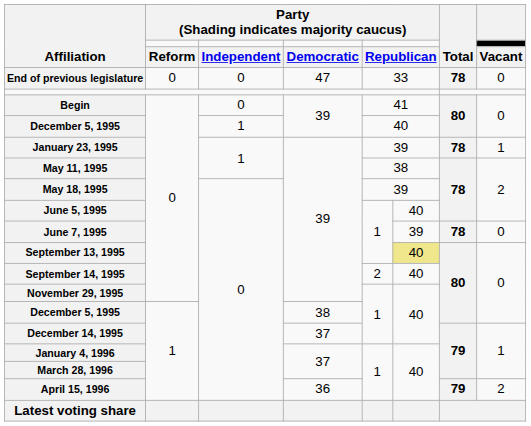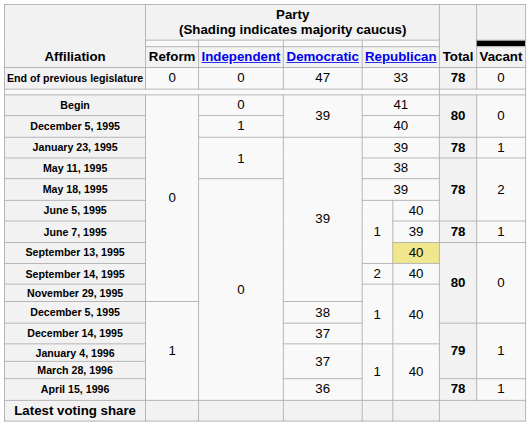 <table class="wikitable" style="text-align:center">
 <tr style="vertical-align:bottom;">
 <th scope="col" rowspan="3">Affiliation</th>
 <th scope="col" colspan="5">Party <div>(Shading indicates majority caucus)</div></th>
 <th scope="col" rowspan="3">Total</th>
 <th scope="col"></th>
 </tr>
 <tr style="height:5px">
 <td style="background-color:"></td>
 <td style="background-color:"></td>
 <td style="background-color:"></td>
 <td colspan="2" style="background-color:"></td>
 <td style="background:black"></td>
 </tr>
 <tr>
 <th>Reform</th>
 <th><a href='#'>Independent</a></th>
 <th><a href='#'>Democratic</a></th>
 <th colspan="2"><a href='#'>Republican</a></th>
 <th>Vacant</th>
 </tr>
 <tr>
 <th scope="row" style="white-space:nowrap; font-size:80%">End of previous legislature</th>
 <td>0</td>
 <td>0</td>
 <td>47</td>
 <td colspan="2">33</td>
 <th>78</th>
 <td>0</td>
 </tr>
 <tr>
 <td scope="row" colspan="6"></td>
 </tr>
 <tr>
 <th scope="row" style="white-space:nowrap; font-size:80%">Begin</th>
 <td rowspan="10">0</td>
 <td>0</td>
 <td rowspan="2">39</td>
 <td colspan="2">41</td>
 <th rowspan="2">80</th>
 <td rowspan="2">0</td>
 </tr>
 <tr>
 <th scope="row" style="white-space:nowrap; font-size:80%">December 5, 1995</th>
 <td>1</td>
 <td colspan="2">40</td>
 </tr>
 <tr>
 <th scope="row" style="white-space:nowrap; font-size:80%">January 23, 1995</th>
 <td rowspan="2" >1</td>
 <td rowspan="8" >39</td>
 <td colspan="2">39</td>
 <th>78</th>
 <td>1</td>
 </tr>
 <tr>
 <th scope="row" style="white-space:nowrap; font-size:80%">May 11, 1995</th>
 <td colspan="2">38</td>
 <th rowspan="3">78</th>
 <td rowspan="3">2</td>
 </tr>
 <tr>
 <th scope="row" style="white-space:nowrap; font-size:80%">May 18, 1995</th>
 <td rowspan="11">0</td>
 <td colspan="2">39</td>
 </tr>
 <tr>
 <th scope="row" style="white-space:nowrap; font-size:80%">June 5, 1995</th>
 <td rowspan="3" >1</td>
 <td>40</td>
 </tr>
 <tr>
 <th scope="row" style="white-space:nowrap; font-size:80%">June 7, 1995</th>
 <td>39</td>
 <th>78</th>
-<td>0</td>
+<td>1</td>
 </tr>
 <tr>
 <th scope="row" style="white-space:nowrap; font-size:80%">September 13, 1995</th>
 <td style="background: khaki;">40</td>
 <th rowspan="4">80</th>
 <td rowspan="4">0</td>
 </tr>
 <tr>
 <th scope="row" style="white-space:nowrap; font-size:80%">September 14, 1995</th>
 <td>2</td>
 <td>40</td>
 </tr>
 <tr>
 <th scope="row" style="white-space:nowrap; font-size:80%">November 29, 1995</th>
 <td rowspan="3" >1</td>
 <td rowspan="3">40</td>
 </tr>
 <tr>
 <th scope="row" style="white-space:nowrap; font-size:80%">December 5, 1995</th>
 <td rowspan="5">1</td>
 <td>38</td>
 </tr>
 <tr>
 <th scope="row" style="white-space:nowrap; font-size:80%">December 14, 1995</th>
 <td>37</td>
 <th rowspan="3">79</th>
 <td rowspan="3">1</td>
 </tr>
 <tr>
 <th scope="row" style="white-space:nowrap; font-size:80%">January 4, 1996</th>
 <td rowspan="2">37</td>
 <td rowspan="3">1</td>
 <td rowspan="3" >40</td>
 </tr>
 <tr>
 <th scope="row" style="white-space:nowrap; font-size:80%">March 28, 1996</th>
 </tr>
 <tr>
 <th scope="row" style="white-space:nowrap; font-size:80%">April 15, 1996</th>
 <td>36</td>
-<th>79</th>
-<td>2</td>
+<th>78</th>
+<td>1</td>
 </tr>
 <tr>
 <th scope="row">Latest voting share</th>
 <th></th>
 <th></th>
 <th></th>
 <th></th>
 <th></th>
 <th colspan=2></th>
 </tr>
 </table>
